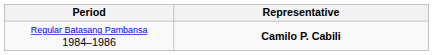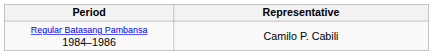 <table class="wikitable" style="text-align:center; width:40%;">
 <tr>
 <th width="40%">Period</th>
 <th>Representative</th>
 </tr>
 <tr>
 <td><small><a href='#'>Regular Batasang Pambansa</a></small><br>1984–1986</td>
-<td><strong>Camilo P. Cabili</strong></td>
+<td>Camilo P. Cabili</td>
 </tr>
 </table>
